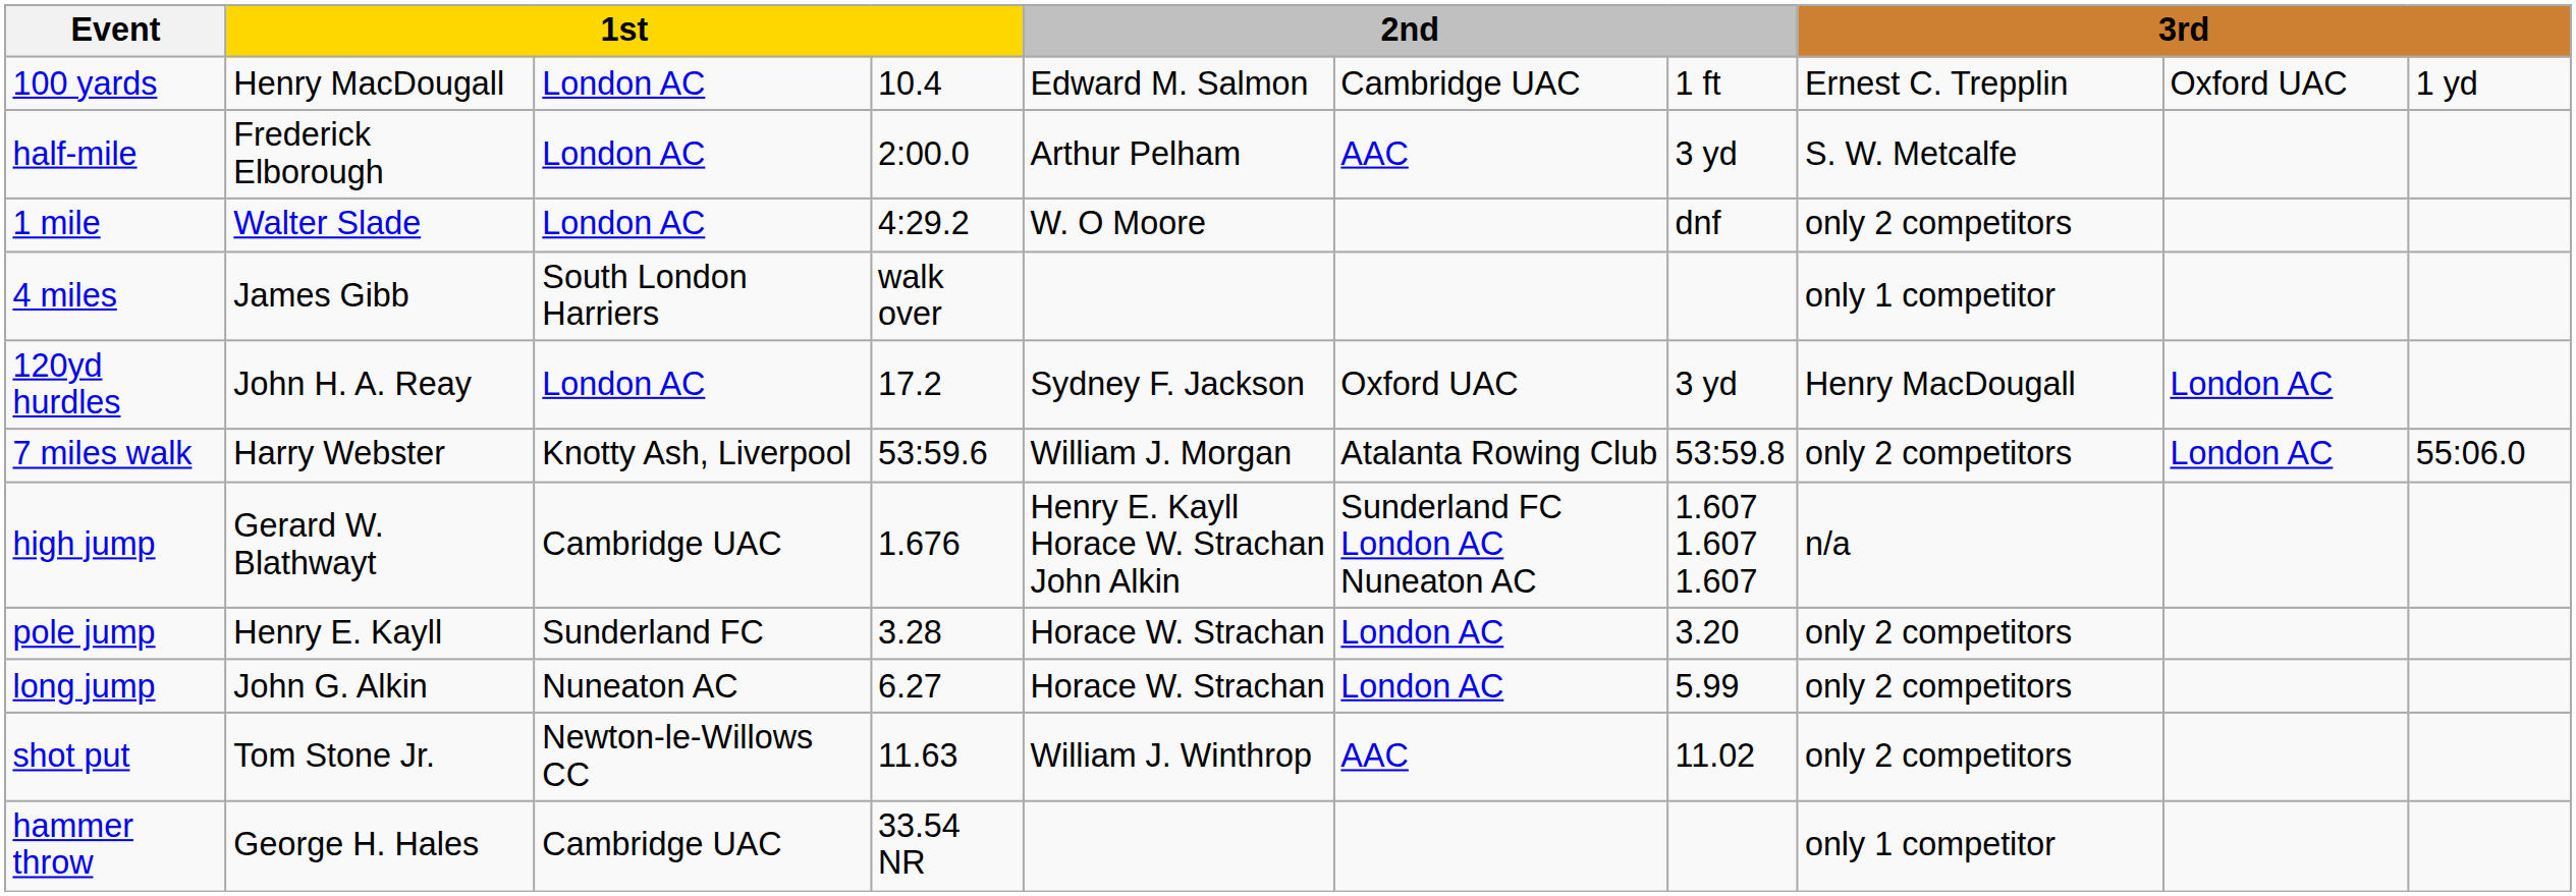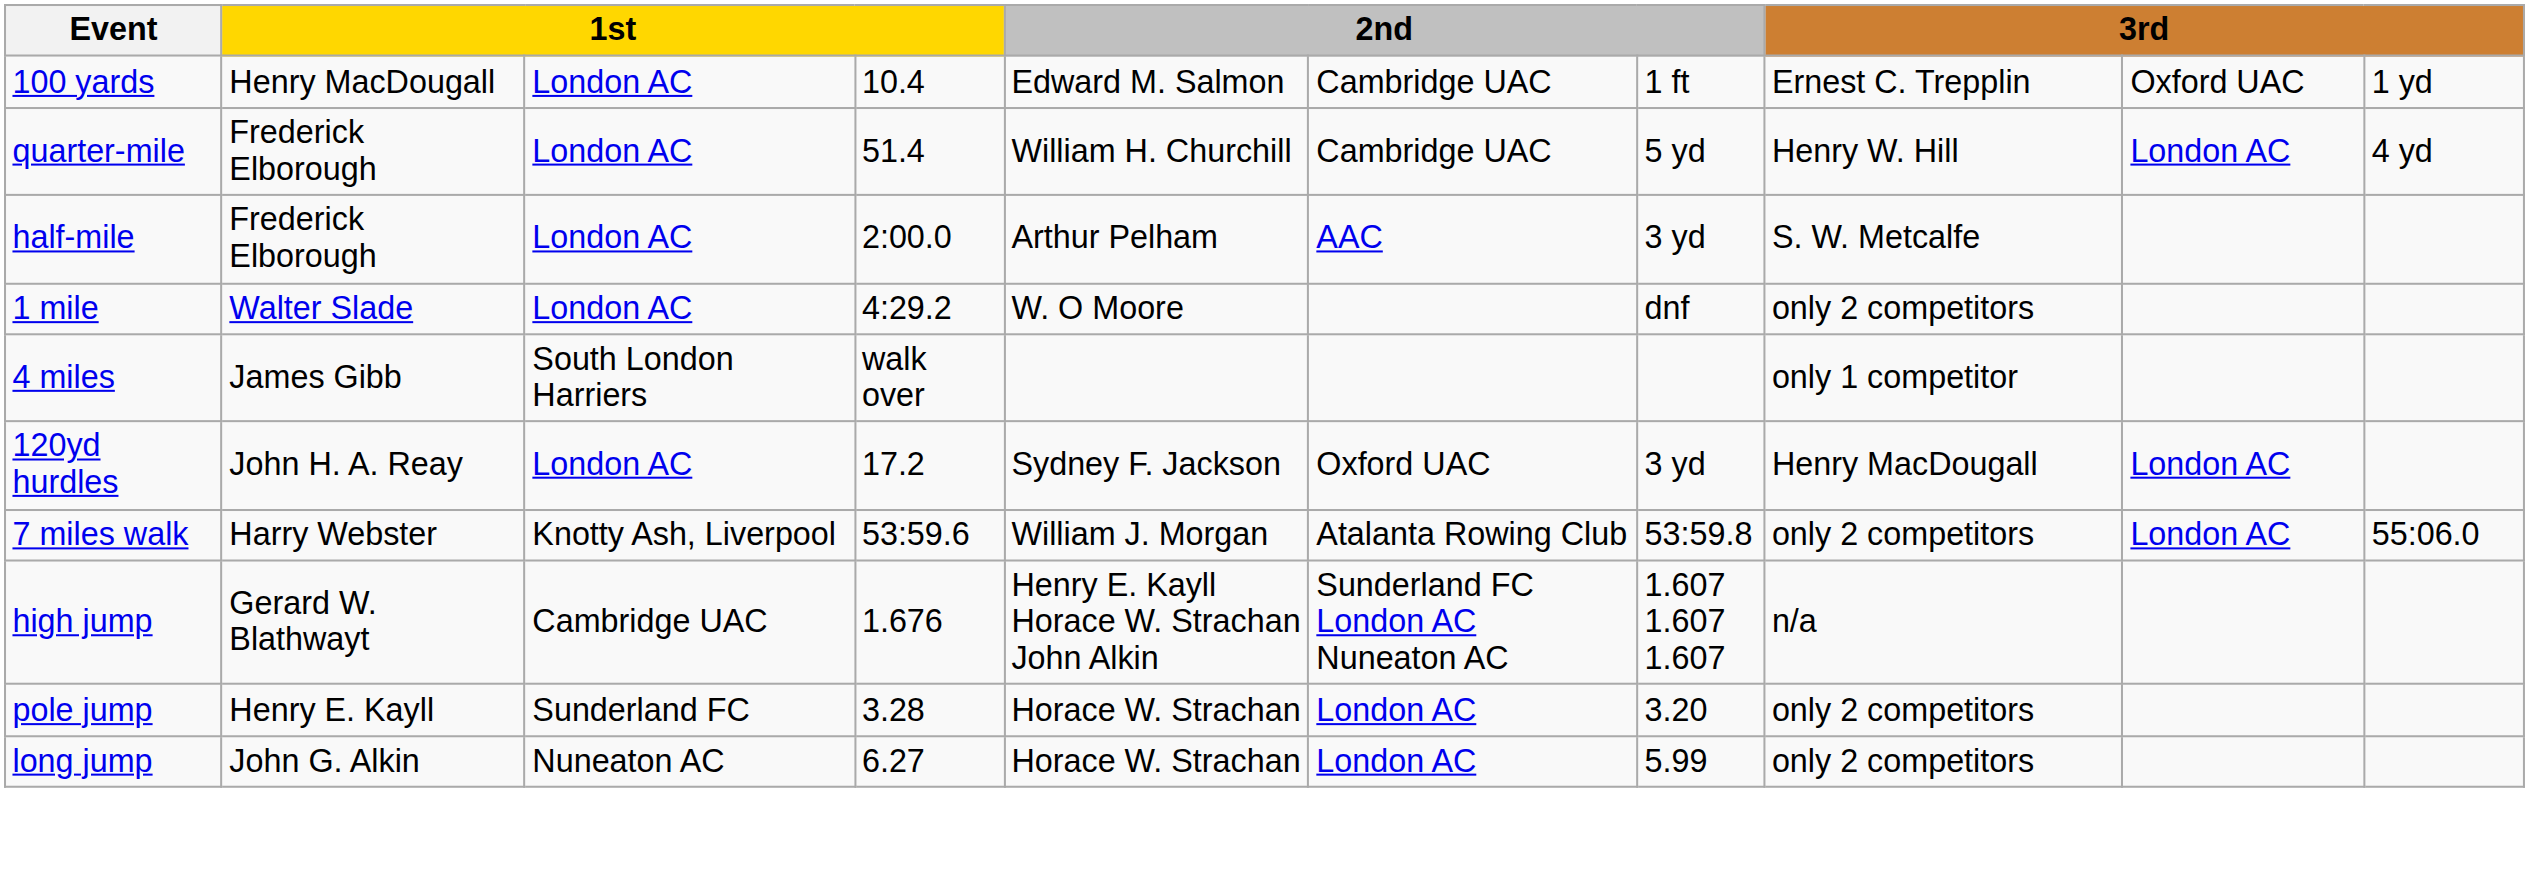 <table class="wikitable" style="text-align:left">
 <tr>
 <th width=100>Event</th>
 <th colspan="3" width="380" style="background:gold;">1st</th>
 <th colspan="3" width="380" style="background:silver;">2nd</th>
 <th colspan="3" width="380" style="background:#CD7F32;">3rd</th>
 </tr>
 <tr>
 <td><a href='#'>100 yards</a></td>
 <td>Henry MacDougall</td>
 <td><a href='#'>London AC</a></td>
 <td>10.4</td>
 <td>Edward M. Salmon</td>
 <td>Cambridge UAC</td>
 <td>1 ft</td>
 <td>Ernest C. Trepplin</td>
 <td>Oxford UAC</td>
 <td>1 yd</td>
+</tr>
+<tr>
+<td><a href='#'>quarter-mile</a></td>
+<td>Frederick Elborough</td>
+<td><a href='#'>London AC</a></td>
+<td>51.4</td>
+<td>William H. Churchill</td>
+<td>Cambridge UAC</td>
+<td>5 yd</td>
+<td>Henry W. Hill</td>
+<td><a href='#'>London AC</a></td>
+<td>4 yd</td>
 </tr>
 <tr>
 <td><a href='#'>half-mile</a></td>
 <td>Frederick Elborough</td>
 <td><a href='#'>London AC</a></td>
 <td>2:00.0</td>
 <td>Arthur Pelham</td>
 <td><a href='#'>AAC</a></td>
 <td>3 yd</td>
 <td>S. W. Metcalfe</td>
 <td></td>
 <td></td>
 </tr>
 <tr>
 <td><a href='#'>1 mile</a></td>
 <td><a href='#'>Walter Slade</a></td>
 <td><a href='#'>London AC</a></td>
 <td>4:29.2</td>
 <td>W. O Moore</td>
 <td></td>
 <td>dnf</td>
 <td>only 2 competitors</td>
 <td></td>
 <td></td>
 </tr>
 <tr>
 <td><a href='#'>4 miles</a></td>
 <td>James Gibb</td>
 <td>South London Harriers</td>
 <td>walk over</td>
 <td></td>
 <td></td>
 <td></td>
 <td>only 1 competitor</td>
 <td></td>
 <td></td>
 </tr>
 <tr>
 <td><a href='#'>120yd hurdles</a></td>
 <td>John H. A. Reay</td>
 <td><a href='#'>London AC</a></td>
 <td>17.2</td>
 <td>Sydney F. Jackson</td>
 <td>Oxford UAC</td>
 <td>3 yd</td>
 <td>Henry MacDougall</td>
 <td><a href='#'>London AC</a></td>
 <td></td>
 </tr>
 <tr>
 <td><a href='#'>7 miles walk</a></td>
 <td>Harry Webster</td>
 <td>Knotty Ash, Liverpool</td>
 <td>53:59.6</td>
 <td>William J. Morgan</td>
 <td>Atalanta Rowing Club</td>
 <td>53:59.8</td>
 <td>only 2 competitors</td>
 <td><a href='#'>London AC</a></td>
 <td>55:06.0</td>
 </tr>
 <tr>
 <td><a href='#'>high jump</a></td>
 <td>Gerard W. Blathwayt</td>
 <td>Cambridge UAC</td>
 <td>1.676</td>
 <td>Henry E. Kayll<br>Horace W. Strachan<br>John Alkin</td>
 <td>Sunderland FC<br><a href='#'>London AC</a>  <br>Nuneaton AC</td>
 <td>1.607<br>1.607<br>1.607</td>
 <td>n/a</td>
 <td></td>
 <td></td>
 </tr>
 <tr>
 <td><a href='#'>pole jump</a></td>
 <td>Henry E. Kayll</td>
 <td>Sunderland FC</td>
 <td>3.28</td>
 <td>Horace W. Strachan</td>
 <td><a href='#'>London AC</a></td>
 <td>3.20</td>
 <td>only 2 competitors</td>
 <td></td>
 <td></td>
 </tr>
 <tr>
 <td><a href='#'>long jump</a></td>
 <td>John G. Alkin</td>
 <td>Nuneaton AC</td>
 <td>6.27</td>
 <td>Horace W. Strachan</td>
 <td><a href='#'>London AC</a></td>
 <td>5.99</td>
 <td>only 2 competitors</td>
 <td></td>
 <td></td>
 </tr>
-<tr>
-<td><a href='#'>shot put</a></td>
-<td>Tom Stone Jr.</td>
-<td>Newton-le-Willows CC</td>
-<td>11.63</td>
-<td>William J. Winthrop</td>
-<td><a href='#'>AAC</a></td>
-<td>11.02</td>
-<td>only 2 competitors</td>
-<td></td>
-<td></td>
-</tr>
-<tr>
-<td><a href='#'>hammer throw</a></td>
-<td>George H. Hales</td>
-<td>Cambridge UAC</td>
-<td>33.54 NR</td>
-<td></td>
-<td></td>
-<td></td>
-<td>only 1 competitor</td>
-<td></td>
-<td></td>
-</tr>
 </table>
